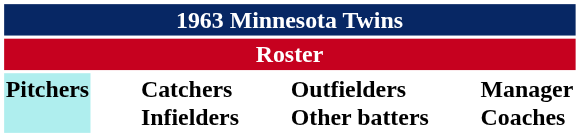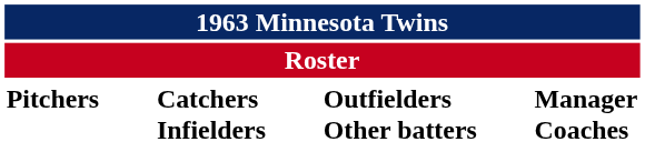 <table class="toccolours" style="font-size: 95%;">
 <tr>
 <th colspan="10" style="background-color: #072764; color: white; text-align: center;">1963 Minnesota Twins</th>
 </tr>
 <tr>
 <td colspan="10" style="background-color: #c6011f; color: white; text-align: center;"><strong>Roster</strong></td>
 </tr>
 <tr>
-<td valign="top" style="background: paleturquoise;"><strong>Pitchers</strong><br>                 </td>
+<td valign="top"><strong>Pitchers</strong><br>                 </td>
 <td width="25px"></td>
 <td valign="top"><strong>Catchers</strong><br>   <strong>Infielders</strong>         </td>
 <td width="25px"></td>
 <td valign="top"><strong>Outfielders</strong><br>       <strong>Other batters</strong>  </td>
 <td width="25px"></td>
 <td valign="top"><strong>Manager</strong><br> <strong>Coaches</strong>    </td>
 </tr>
 </table>
